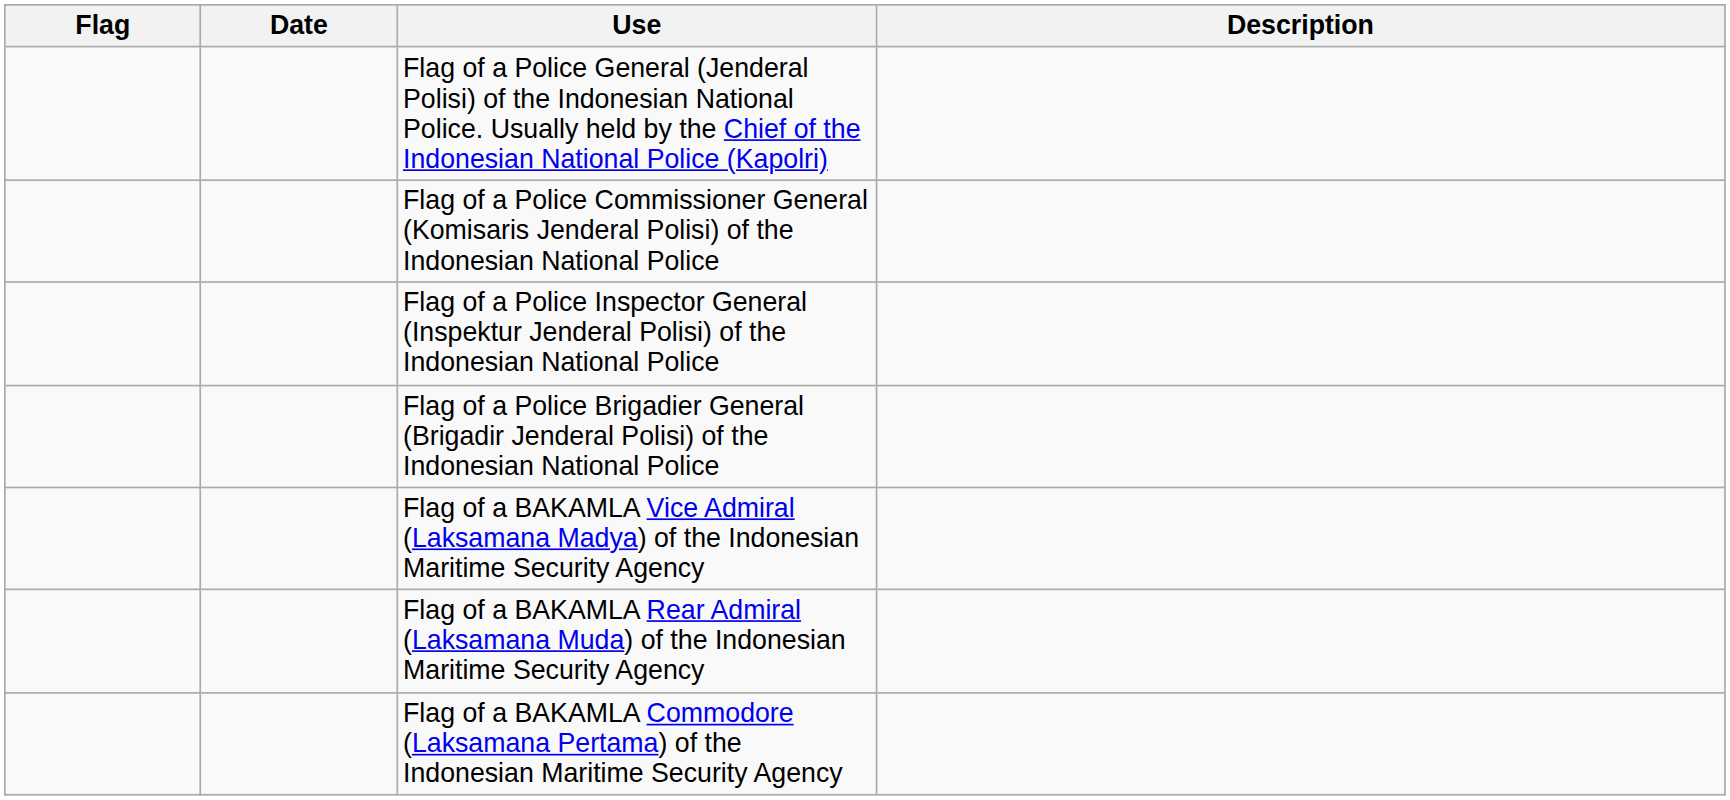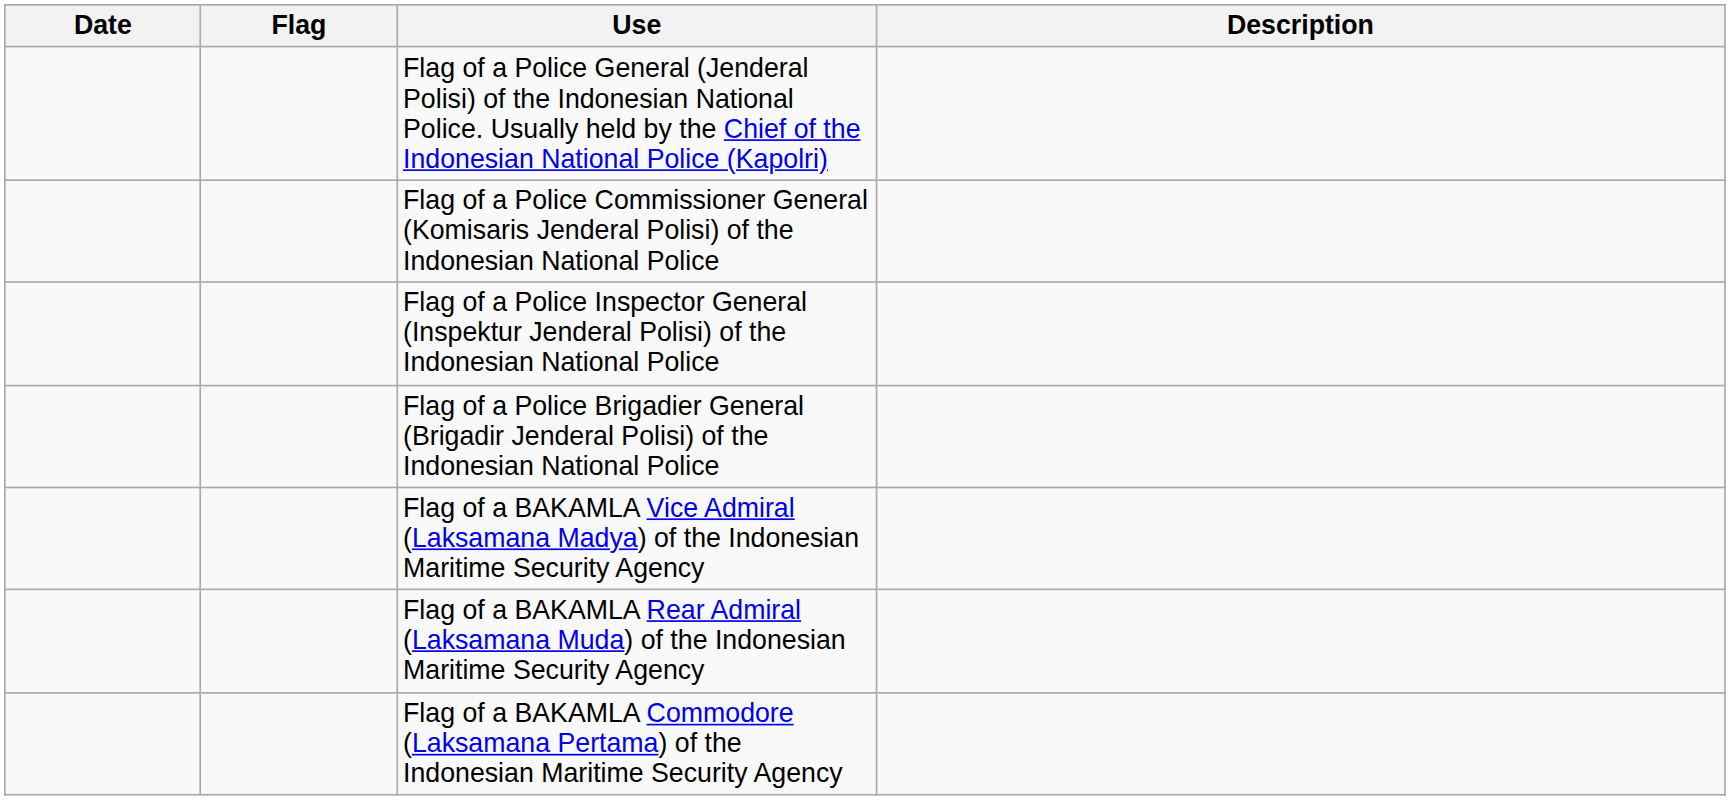 <table class="wikitable">
 <tr>
+<th style="width:110px;">Date</th>
 <th style="width:110px;">Flag</th>
-<th style="width:110px;">Date</th>
 <th style="width:280px;">Use</th>
 <th style="width:500px;">Description</th>
 </tr>
 <tr>
 <td></td>
 <td></td>
 <td>Flag of a Police General (Jenderal Polisi) of the Indonesian National Police. Usually held by the <a href='#'>Chief of the Indonesian National Police (Kapolri)</a></td>
 <td></td>
 </tr>
 <tr>
 <td></td>
 <td></td>
 <td>Flag of a Police Commissioner General (Komisaris Jenderal Polisi) of the Indonesian National Police</td>
 <td></td>
 </tr>
 <tr>
 <td></td>
 <td></td>
 <td>Flag of a Police Inspector General (Inspektur Jenderal Polisi) of the Indonesian National Police</td>
 <td></td>
 </tr>
 <tr>
 <td></td>
 <td></td>
 <td>Flag of a Police Brigadier General (Brigadir Jenderal Polisi) of the Indonesian National Police</td>
 <td></td>
 </tr>
 <tr>
 <td></td>
 <td></td>
 <td>Flag of a BAKAMLA <a href='#'>Vice Admiral</a> (<a href='#'>Laksamana Madya</a>) of the Indonesian Maritime Security Agency</td>
 <td></td>
 </tr>
 <tr>
 <td></td>
 <td></td>
 <td>Flag of a BAKAMLA <a href='#'>Rear Admiral</a> (<a href='#'>Laksamana Muda</a>) of the Indonesian Maritime Security Agency</td>
 <td></td>
 </tr>
 <tr>
 <td></td>
 <td></td>
 <td>Flag of a BAKAMLA <a href='#'>Commodore</a> (<a href='#'>Laksamana Pertama</a>) of the Indonesian Maritime Security Agency</td>
 <td></td>
 </tr>
 </table>
